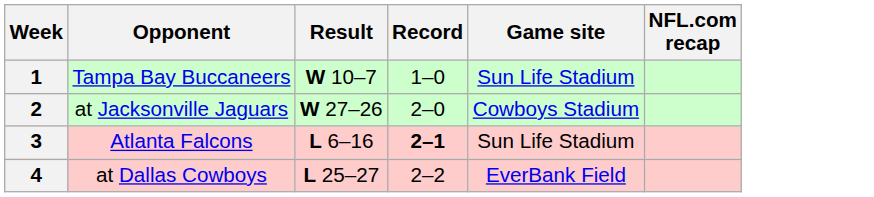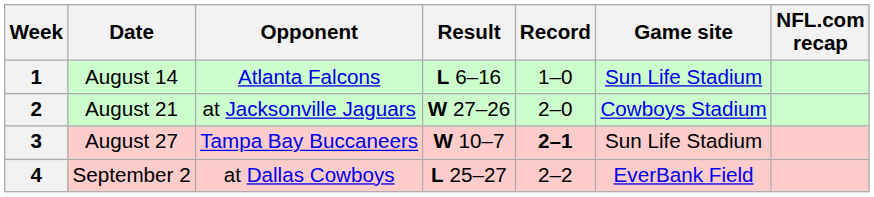 <table class="wikitable" style="text-align:center">
 <tr>
 <th>Week</th>
+<th>Date</th>
 <th>Opponent</th>
 <th>Result</th>
 <th>Record</th>
 <th>Game site</th>
 <th>NFL.com<br>recap</th>
 </tr>
 <tr style="background:#cfc;">
 <th>1</th>
-<td style="text-align:center;"><a href='#'>Tampa Bay Buccaneers</a></td>
-<td style="text-align:center;"><strong>W</strong> 10–7</td>
+<td style="text-align:center;">August 14</td>
+<td style="text-align:center;"><a href='#'>Atlanta Falcons</a></td>
+<td style="text-align:center;"><strong>L</strong> 6–16</td>
 <td style="text-align:center;">1–0</td>
 <td style="text-align:center;"><a href='#'>Sun Life Stadium</a></td>
 <td style="text-align:center;"></td>
 </tr>
 <tr style="background:#cfc;">
 <th>2</th>
+<td style="text-align:center;">August 21</td>
 <td style="text-align:center;">at <a href='#'>Jacksonville Jaguars</a></td>
 <td style="text-align:center;"><strong>W</strong> 27–26</td>
 <td style="text-align:center;">2–0</td>
 <td style="text-align:center;"><a href='#'>Cowboys Stadium</a></td>
 <td style="text-align:center;"></td>
 </tr>
 <tr style="background:#fcc;">
 <th>3</th>
-<td style="text-align:center;"><a href='#'>Atlanta Falcons</a></td>
-<td style="text-align:center;"><strong>L</strong> 6–16</td>
+<td style="text-align:center;">August 27</td>
+<td style="text-align:center;"><a href='#'>Tampa Bay Buccaneers</a></td>
+<td style="text-align:center;"><strong>W</strong> 10–7</td>
 <td style="text-align:center;"><strong>2–1</strong></td>
 <td style="text-align:center;">Sun Life Stadium</td>
 <td style="text-align:center;"></td>
 </tr>
 <tr style="background:#fcc;">
 <th>4</th>
+<td style="text-align:center;">September 2</td>
 <td style="text-align:center;">at <a href='#'>Dallas Cowboys</a></td>
 <td style="text-align:center;"><strong>L</strong> 25–27</td>
 <td style="text-align:center;">2–2</td>
 <td style="text-align:center;"><a href='#'>EverBank Field</a></td>
 <td style="text-align:center;"></td>
 </tr>
 </table>
